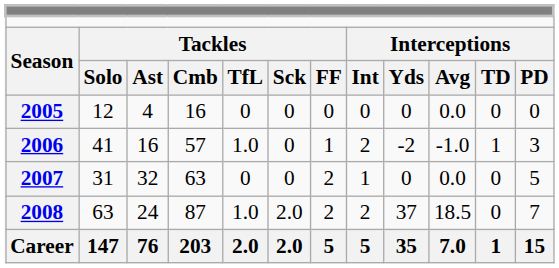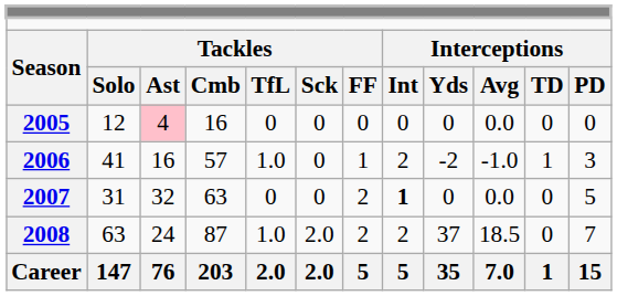 <table class=wikitable style="text-align:center;">
 <tr>
 <td ! colspan="15" style="background:gray; border:2px solid silver; color:white;"></td>
 </tr>
 <tr>
 <td ! colspan="15"></td>
 </tr>
 <tr>
 <th rowspan="2">Season</th>
 <th colspan="6">Tackles</th>
 <th colspan="5">Interceptions</th>
 </tr>
 <tr>
 <th>Solo</th>
 <th>Ast</th>
 <th>Cmb</th>
 <th>TfL</th>
 <th>Sck</th>
 <th>FF</th>
 <th>Int</th>
 <th>Yds</th>
 <th>Avg</th>
 <th>TD</th>
 <th>PD</th>
 </tr>
 <tr>
 <th><a href='#'>2005</a></th>
 <td>12</td>
-<td>4</td>
+<td style="background: pink;">4</td>
 <td>16</td>
 <td>0</td>
 <td>0</td>
 <td>0</td>
 <td>0</td>
 <td>0</td>
 <td>0.0</td>
 <td>0</td>
 <td>0</td>
 </tr>
 <tr>
 <th><a href='#'>2006</a></th>
 <td>41</td>
 <td>16</td>
 <td>57</td>
 <td>1.0</td>
 <td>0</td>
 <td>1</td>
 <td>2</td>
 <td>-2</td>
 <td>-1.0</td>
 <td>1</td>
 <td>3</td>
 </tr>
 <tr>
 <th><a href='#'>2007</a></th>
 <td>31</td>
 <td>32</td>
 <td>63</td>
 <td>0</td>
 <td>0</td>
 <td>2</td>
-<td>1</td>
+<td><strong>1</strong></td>
 <td>0</td>
 <td>0.0</td>
 <td>0</td>
 <td>5</td>
 </tr>
 <tr>
 <th><a href='#'>2008</a></th>
 <td>63</td>
 <td>24</td>
 <td>87</td>
 <td>1.0</td>
 <td>2.0</td>
 <td>2</td>
 <td>2</td>
 <td>37</td>
 <td>18.5</td>
 <td>0</td>
 <td>7</td>
 </tr>
 <tr>
 <th>Career</th>
 <th>147</th>
 <th>76</th>
 <th>203</th>
 <th>2.0</th>
 <th>2.0</th>
 <th>5</th>
 <th>5</th>
 <th>35</th>
 <th>7.0</th>
 <th>1</th>
 <th>15</th>
 </tr>
 </table>
